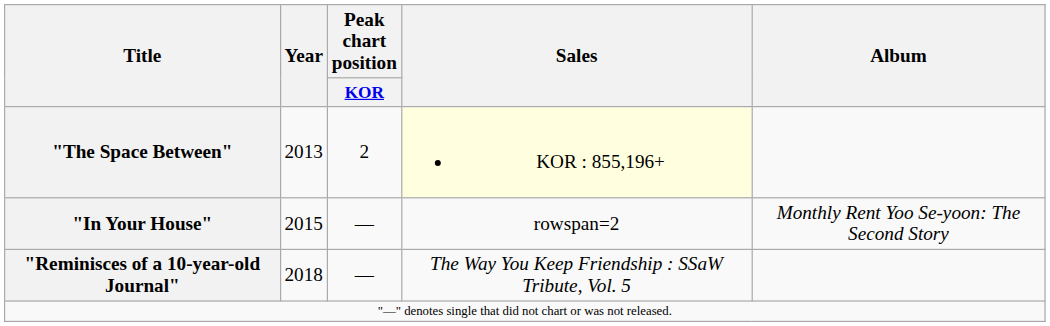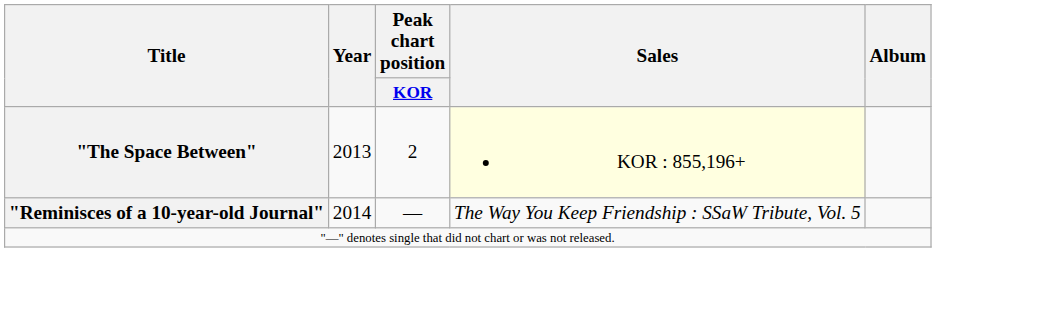 <table class="wikitable plainrowheaders" style="text-align:center">
 <tr>
 <th scope="col" rowspan="2">Title</th>
 <th scope="col" rowspan="2">Year</th>
 <th scope="col">Peak<br>chart<br>position</th>
 <th scope="col" rowspan="2">Sales</th>
 <th scope="col" rowspan="2">Album</th>
 </tr>
 <tr>
 <th scope="col" style="width:2.5em;font-size:90%;"><a href='#'>KOR</a><br></th>
 </tr>
 <tr>
 <th scope="row">"The Space Between" <br></th>
 <td>2013</td>
 <td>2</td>
 <td style="background: lightyellow;"><br><ul><li>KOR : 855,196+</li></ul></td>
 <td></td>
 </tr>
 <tr>
-<th scope="row">"In Your House" <br></th>
-<td>2015</td>
-<td>—</td>
-<td>rowspan=2 </td>
-<td><em>Monthly Rent Yoo Se-yoon: The Second Story</em></td>
-</tr>
-<tr>
 <th scope="row">"Reminisces of a 10-year-old Journal" <br></th>
-<td>2018</td>
+<td>2014</td>
 <td>—</td>
 <td><em>The Way You Keep Friendship : SSaW Tribute, Vol. 5</em></td>
 </tr>
 <tr>
 <td colspan="5" style="font-size:8pt">"—" denotes single that did not chart or was not released.</td>
 </tr>
 </table>
